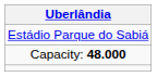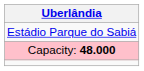 <table class="wikitable" style="text-align:center">
 <tr>
 <th><a href='#'>Uberlândia</a></th>
 </tr>
 <tr>
 <td><a href='#'>Estádio Parque do Sabiá</a></td>
 </tr>
 <tr>
-<td>Capacity: <strong>48.000</strong></td>
+<td style="background: pink;">Capacity: <strong>48.000</strong></td>
 </tr>
 <tr>
 <td></td>
 </tr>
 </table>
